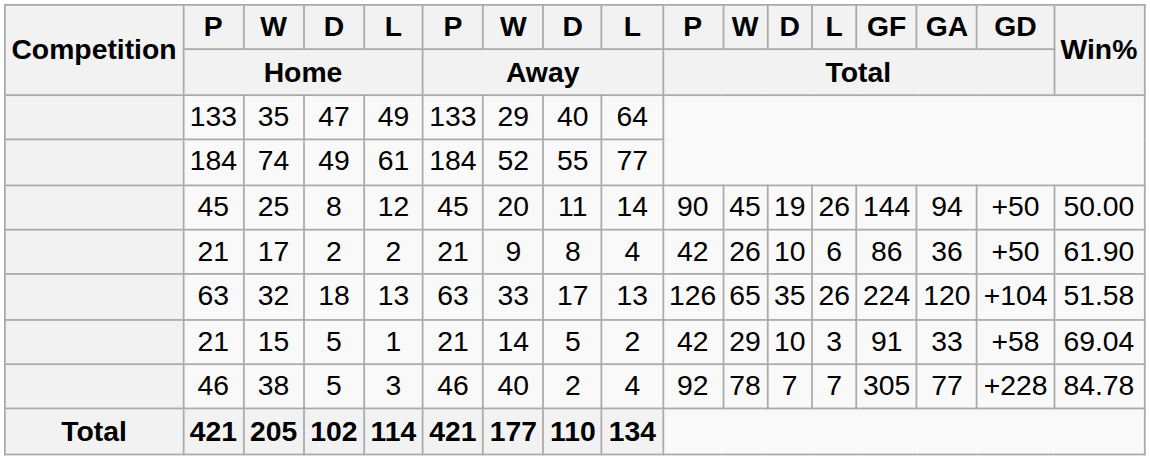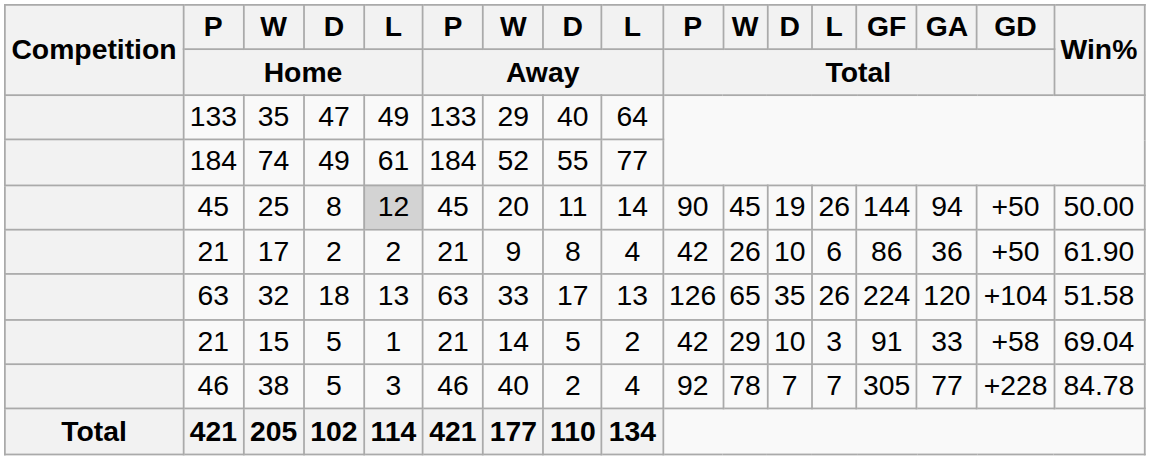 <table class="wikitable plainrowheaders sortable" style="text-align:center">
 <tr>
 <th scope="col" rowspan="2">Competition</th>
 <th scope="col">P</th>
 <th scope="col">W</th>
 <th scope="col">D</th>
 <th scope="col">L</th>
 <th scope="col">P</th>
 <th scope="col">W</th>
 <th scope="col">D</th>
 <th scope="col">L</th>
 <th scope="col">P</th>
 <th scope="col">W</th>
 <th scope="col">D</th>
 <th scope="col">L</th>
 <th scope="col">GF</th>
 <th scope="col">GA</th>
 <th scope="col">GD</th>
 <th scope="col" rowspan="2">Win%</th>
 </tr>
 <tr class="unsortable">
 <th colspan="4">Home</th>
 <th colspan="4">Away</th>
 <th colspan="7">Total</th>
 </tr>
 <tr>
 <th scope="row" align=left></th>
 <td>133</td>
 <td>35</td>
 <td>47</td>
 <td>49</td>
 <td>133</td>
 <td>29</td>
 <td>40</td>
 <td>64<br></td>
 </tr>
 <tr>
 <th scope="row" align=left></th>
 <td>184</td>
 <td>74</td>
 <td>49</td>
 <td>61</td>
 <td>184</td>
 <td>52</td>
 <td>55</td>
 <td>77<br></td>
 </tr>
 <tr>
 <th scope="row" align=left></th>
 <td>45</td>
 <td>25</td>
 <td>8</td>
-<td>12</td>
+<td style="background: lightgrey;">12</td>
 <td>45</td>
 <td>20</td>
 <td>11</td>
 <td>14</td>
 <td>90</td>
 <td>45</td>
 <td>19</td>
 <td>26</td>
 <td>144</td>
 <td>94</td>
 <td>+50</td>
 <td>50.00</td>
 </tr>
 <tr>
 <th scope="row" align=left></th>
 <td>21</td>
 <td>17</td>
 <td>2</td>
 <td>2</td>
 <td>21</td>
 <td>9</td>
 <td>8</td>
 <td>4</td>
 <td>42</td>
 <td>26</td>
 <td>10</td>
 <td>6</td>
 <td>86</td>
 <td>36</td>
 <td>+50</td>
 <td>61.90</td>
 </tr>
 <tr>
 <th scope="row" align=left></th>
 <td>63</td>
 <td>32</td>
 <td>18</td>
 <td>13</td>
 <td>63</td>
 <td>33</td>
 <td>17</td>
 <td>13</td>
 <td>126</td>
 <td>65</td>
 <td>35</td>
 <td>26</td>
 <td>224</td>
 <td>120</td>
 <td>+104</td>
 <td>51.58</td>
 </tr>
 <tr>
 <th scope="row" align=left></th>
 <td>21</td>
 <td>15</td>
 <td>5</td>
 <td>1</td>
 <td>21</td>
 <td>14</td>
 <td>5</td>
 <td>2</td>
 <td>42</td>
 <td>29</td>
 <td>10</td>
 <td>3</td>
 <td>91</td>
 <td>33</td>
 <td>+58</td>
 <td>69.04</td>
 </tr>
 <tr>
 <th scope="row" align=left></th>
 <td>46</td>
 <td>38</td>
 <td>5</td>
 <td>3</td>
 <td>46</td>
 <td>40</td>
 <td>2</td>
 <td>4</td>
 <td>92</td>
 <td>78</td>
 <td>7</td>
 <td>7</td>
 <td>305</td>
 <td>77</td>
 <td>+228</td>
 <td>84.78</td>
 </tr>
 <tr class="sortbottom">
 <th>Total</th>
 <th>421</th>
 <th>205</th>
 <th>102</th>
 <th>114</th>
 <th>421</th>
 <th>177</th>
 <th>110</th>
 <th>134<br></th>
 </tr>
 </table>
